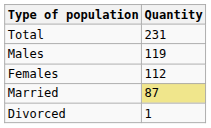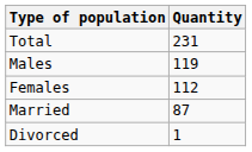 <table class="wikitable" style="float:right; margin-left:1em;">
 <tr>
 <th>Type of population</th>
 <th>Quantity</th>
 </tr>
 <tr>
 <td>Total</td>
 <td>231</td>
 </tr>
 <tr>
 <td>Males</td>
 <td>119</td>
 </tr>
 <tr>
 <td>Females</td>
 <td>112</td>
 </tr>
 <tr>
 <td>Married</td>
-<td style="background: khaki;">87</td>
+<td>87</td>
 </tr>
 <tr>
 <td>Divorced</td>
 <td>1</td>
 </tr>
 </table>
